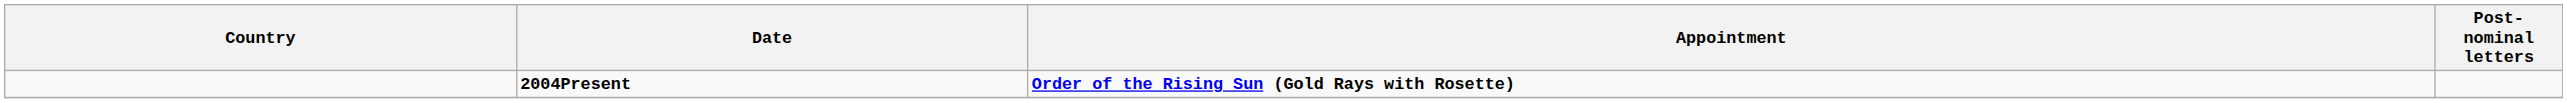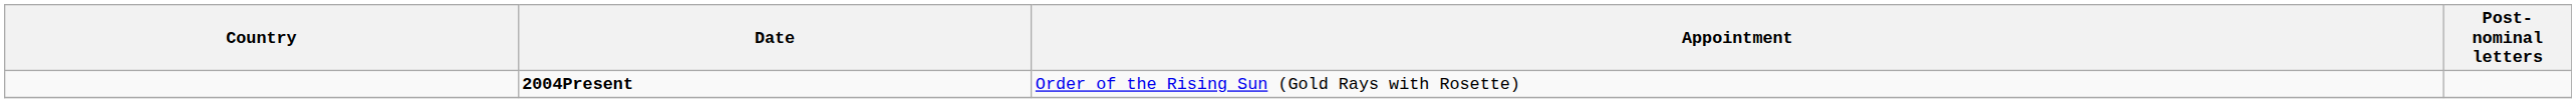 <table class="wikitable" style="width:100%;">
 <tr>
 <th style="width:20%;">Country</th>
 <th style="width:20%;">Date</th>
 <th style="width:55%;">Appointment</th>
 <th style="width:5%;">Post-nominal letters</th>
 </tr>
 <tr>
 <td></td>
 <td><strong>2004Present</strong></td>
-<td><strong><a href='#'>Order of the Rising Sun</a> (Gold Rays with Rosette)</strong></td>
+<td><a href='#'>Order of the Rising Sun</a> (Gold Rays with Rosette)</td>
 <td></td>
 </tr>
 <tr>
 </tr>
 </table>
